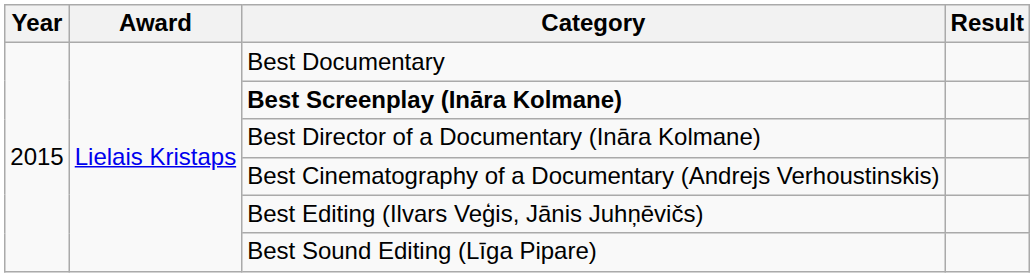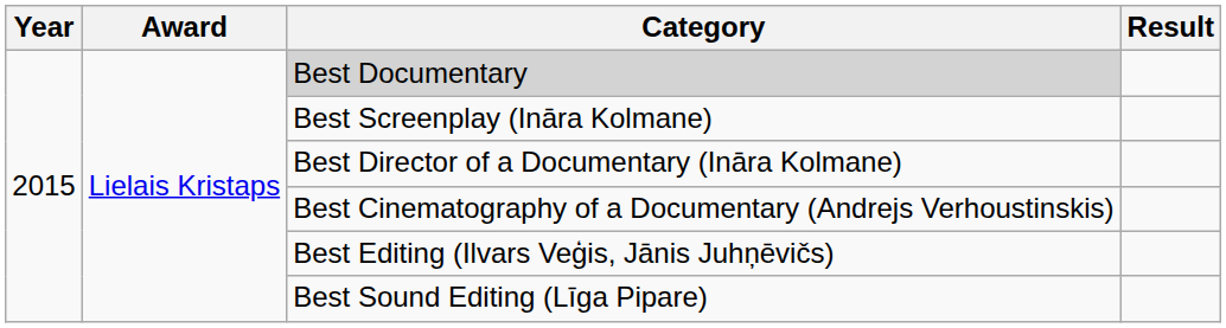 <table class="wikitable">
 <tr>
 <th>Year</th>
 <th>Award</th>
 <th>Category</th>
 <th>Result</th>
 </tr>
 <tr>
 <td rowspan="6">2015</td>
 <td rowspan="6"><a href='#'>Lielais Kristaps</a></td>
-<td>Best Documentary</td>
+<td style="background: lightgrey;">Best Documentary</td>
 <td></td>
 </tr>
 <tr>
-<td><strong>Best Screenplay (Ināra Kolmane)</strong></td>
+<td>Best Screenplay (Ināra Kolmane)</td>
 <td></td>
 </tr>
 <tr>
 <td>Best Director of a Documentary (Ināra Kolmane)</td>
 <td></td>
 </tr>
 <tr>
 <td>Best Cinematography of a Documentary (Andrejs Verhoustinskis)</td>
 <td></td>
 </tr>
 <tr>
 <td>Best Editing (Ilvars Veģis, Jānis Juhņēvičs)</td>
 <td></td>
 </tr>
 <tr>
 <td>Best Sound Editing (Līga Pipare)</td>
 <td></td>
 </tr>
 </table>
